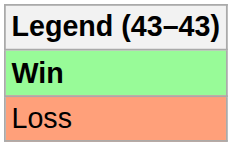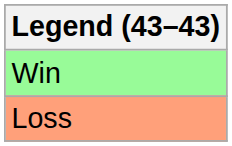 <table class="wikitable">
 <tr>
 <th>Legend (43–43)</th>
 </tr>
 <tr style="background:#98fb98;">
-<td><strong>Win</strong></td>
+<td>Win</td>
 </tr>
 <tr style="background:#ffa07a;">
 <td>Loss</td>
 </tr>
 </table>
